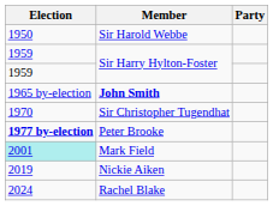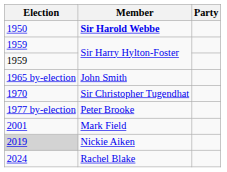 <table class="wikitable">
 <tr>
 <th>Election</th>
 <th>Member</th>
 <th colspan="2">Party</th>
 </tr>
 <tr>
 <td><a href='#'>1950</a></td>
-<td><a href='#'>Sir Harold Webbe</a></td>
+<td><strong><a href='#'>Sir Harold Webbe</a></strong></td>
 <td></td>
 </tr>
 <tr>
 <td><a href='#'>1959</a></td>
 <td rowspan=2><a href='#'>Sir Harry Hylton-Foster</a></td>
 <td></td>
 </tr>
 <tr>
 <td>1959</td>
 <td></td>
 </tr>
 <tr>
 <td><a href='#'>1965 by-election</a></td>
-<td><strong><a href='#'>John Smith</a></strong></td>
+<td><a href='#'>John Smith</a></td>
 <td></td>
 </tr>
 <tr>
 <td><a href='#'>1970</a></td>
 <td><a href='#'>Sir Christopher Tugendhat</a></td>
 <td></td>
 </tr>
 <tr>
-<td><strong><a href='#'>1977 by-election</a></strong></td>
+<td><a href='#'>1977 by-election</a></td>
 <td><a href='#'>Peter Brooke</a></td>
 <td></td>
 </tr>
 <tr>
-<td style="background: paleturquoise;"><a href='#'>2001</a></td>
+<td><a href='#'>2001</a></td>
 <td><a href='#'>Mark Field</a></td>
 <td></td>
 </tr>
 <tr>
-<td><a href='#'>2019</a></td>
+<td style="background: lightgrey;"><a href='#'>2019</a></td>
 <td><a href='#'>Nickie Aiken</a></td>
 <td></td>
 </tr>
 <tr>
 <td><a href='#'>2024</a></td>
 <td><a href='#'>Rachel Blake</a></td>
 <td></td>
 </tr>
 </table>
